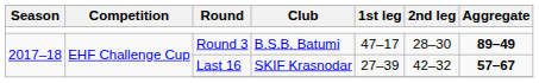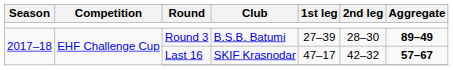 <table class="wikitable">
 <tr>
 <th>Season</th>
 <th>Competition</th>
 <th>Round</th>
 <th>Club</th>
 <th>1st leg</th>
 <th>2nd leg</th>
 <th>Aggregate</th>
 </tr>
 <tr>
 <td colspan=7 style="text-align: center;" bgcolor=white></td>
 </tr>
 <tr>
 <td rowspan=7><a href='#'>2017–18</a></td>
 <td rowspan=7><a href='#'>EHF Challenge Cup</a></td>
 <td><a href='#'>Round 3</a></td>
 <td> <a href='#'>B.S.B. Batumi</a></td>
-<td style="text-align:center;">47–17</td>
+<td style="text-align:center;">27–39</td>
 <td style="text-align:center;">28–30</td>
 <td style="text-align:center;"><strong>89–49</strong></td>
 </tr>
 <tr>
 <td><a href='#'>Last 16</a></td>
 <td> <a href='#'>SKIF Krasnodar</a></td>
-<td style="text-align:center;">27–39</td>
+<td style="text-align:center;">47–17</td>
 <td style="text-align:center;">42–32</td>
 <td style="text-align:center;"><strong>57–67</strong></td>
 </tr>
 <tr>
 </tr>
 </table>
